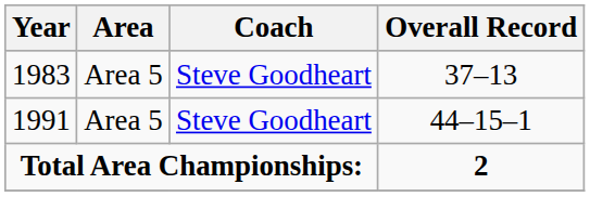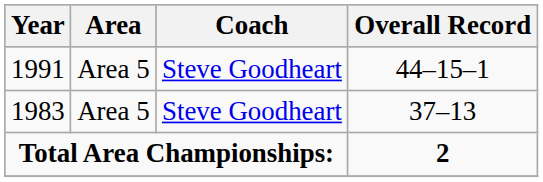 <table class="wikitable" style="text-align:center">
 <tr>
 <th>Year</th>
 <th>Area</th>
 <th>Coach</th>
 <th>Overall Record</th>
 </tr>
 <tr align="center">
+<td>1991</td>
+<td>Area 5</td>
+<td><a href='#'>Steve Goodheart</a></td>
+<td>44–15–1</td>
+</tr>
+<tr align="center">
 <td>1983</td>
 <td>Area 5</td>
 <td><a href='#'>Steve Goodheart</a></td>
 <td>37–13</td>
-</tr>
-<tr align="center">
-<td>1991</td>
-<td>Area 5</td>
-<td><a href='#'>Steve Goodheart</a></td>
-<td>44–15–1</td>
 </tr>
 <tr align="center">
 <td colspan=3><strong>Total Area Championships:</strong></td>
 <td colspan=1><strong>2</strong></td>
 </tr>
 <tr>
 </tr>
 </table>
